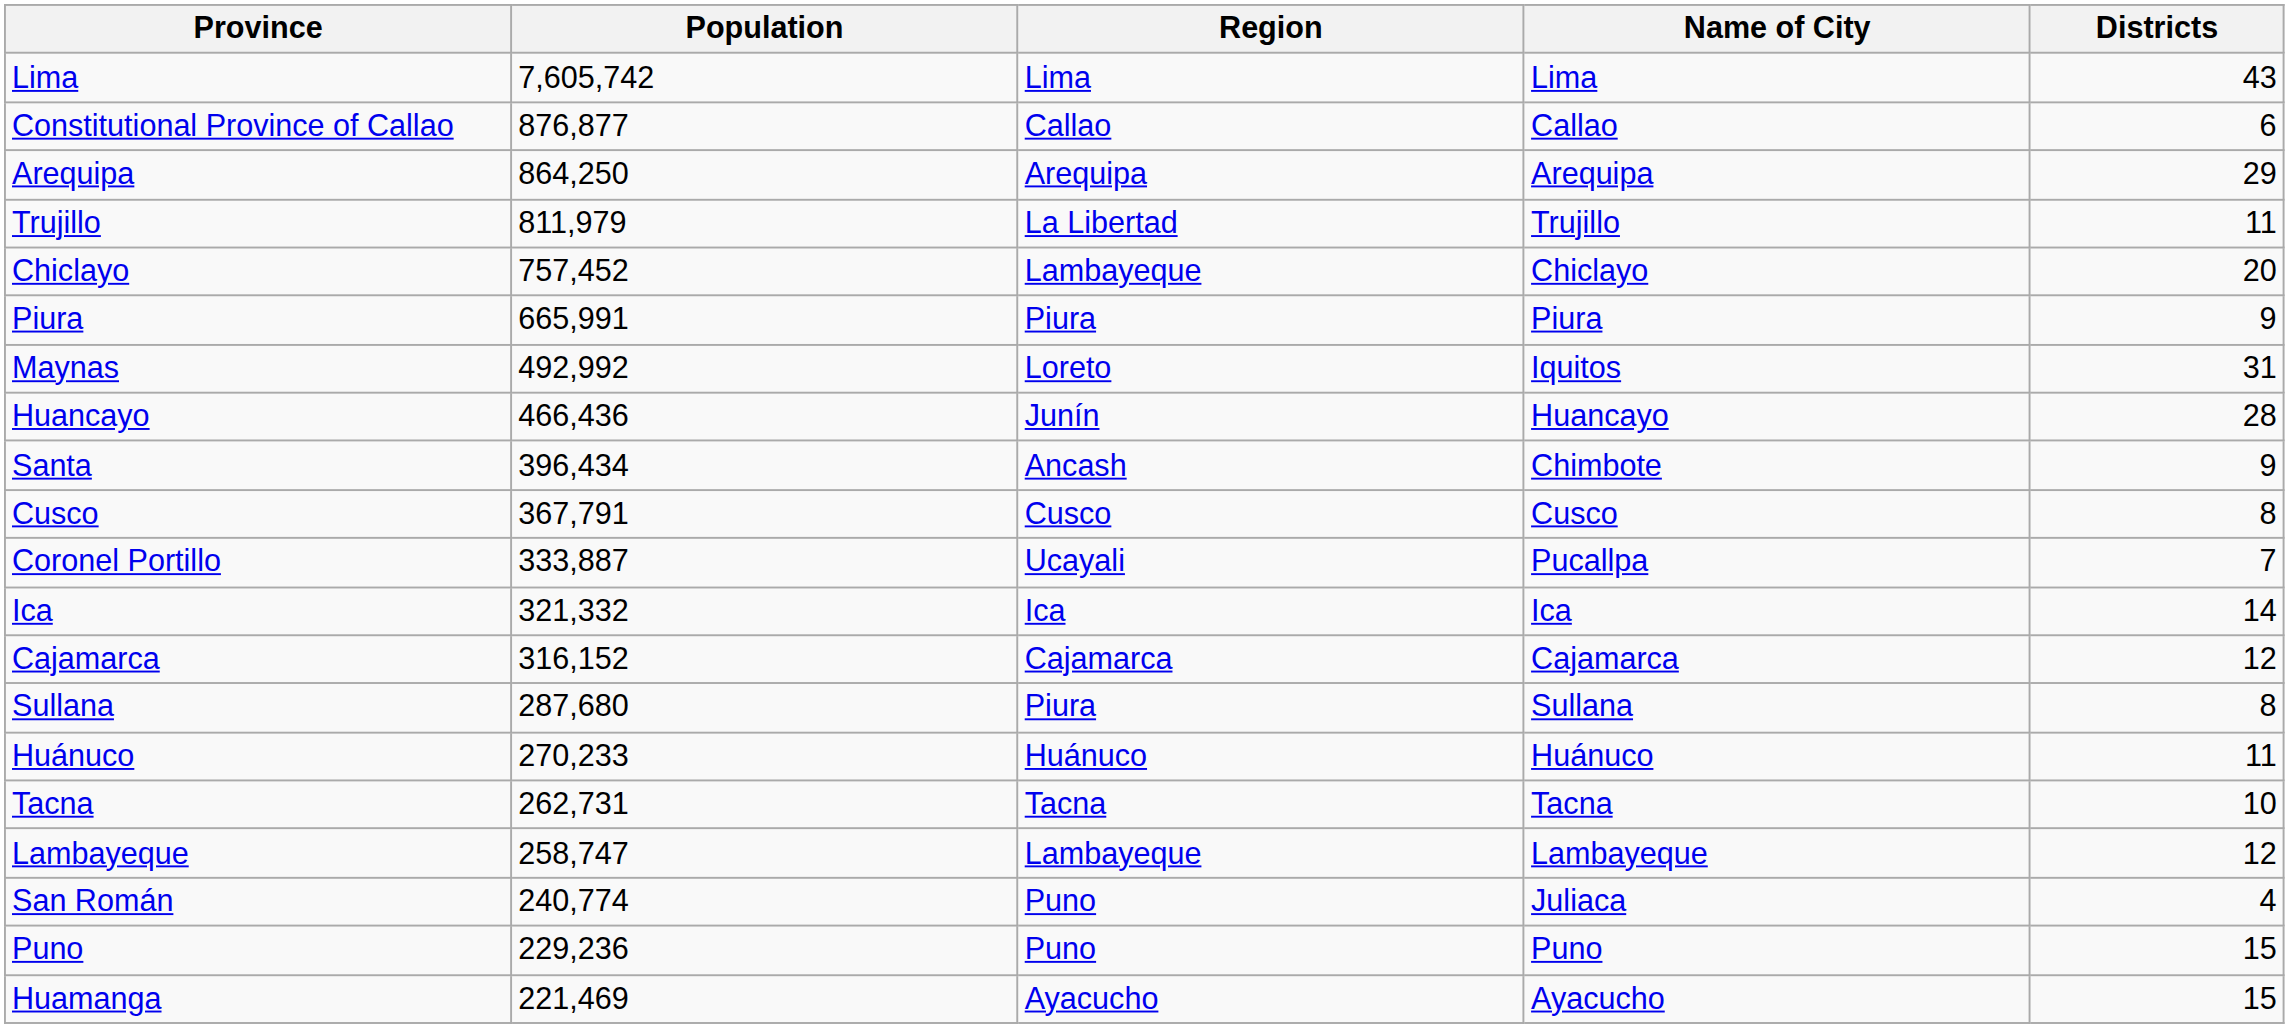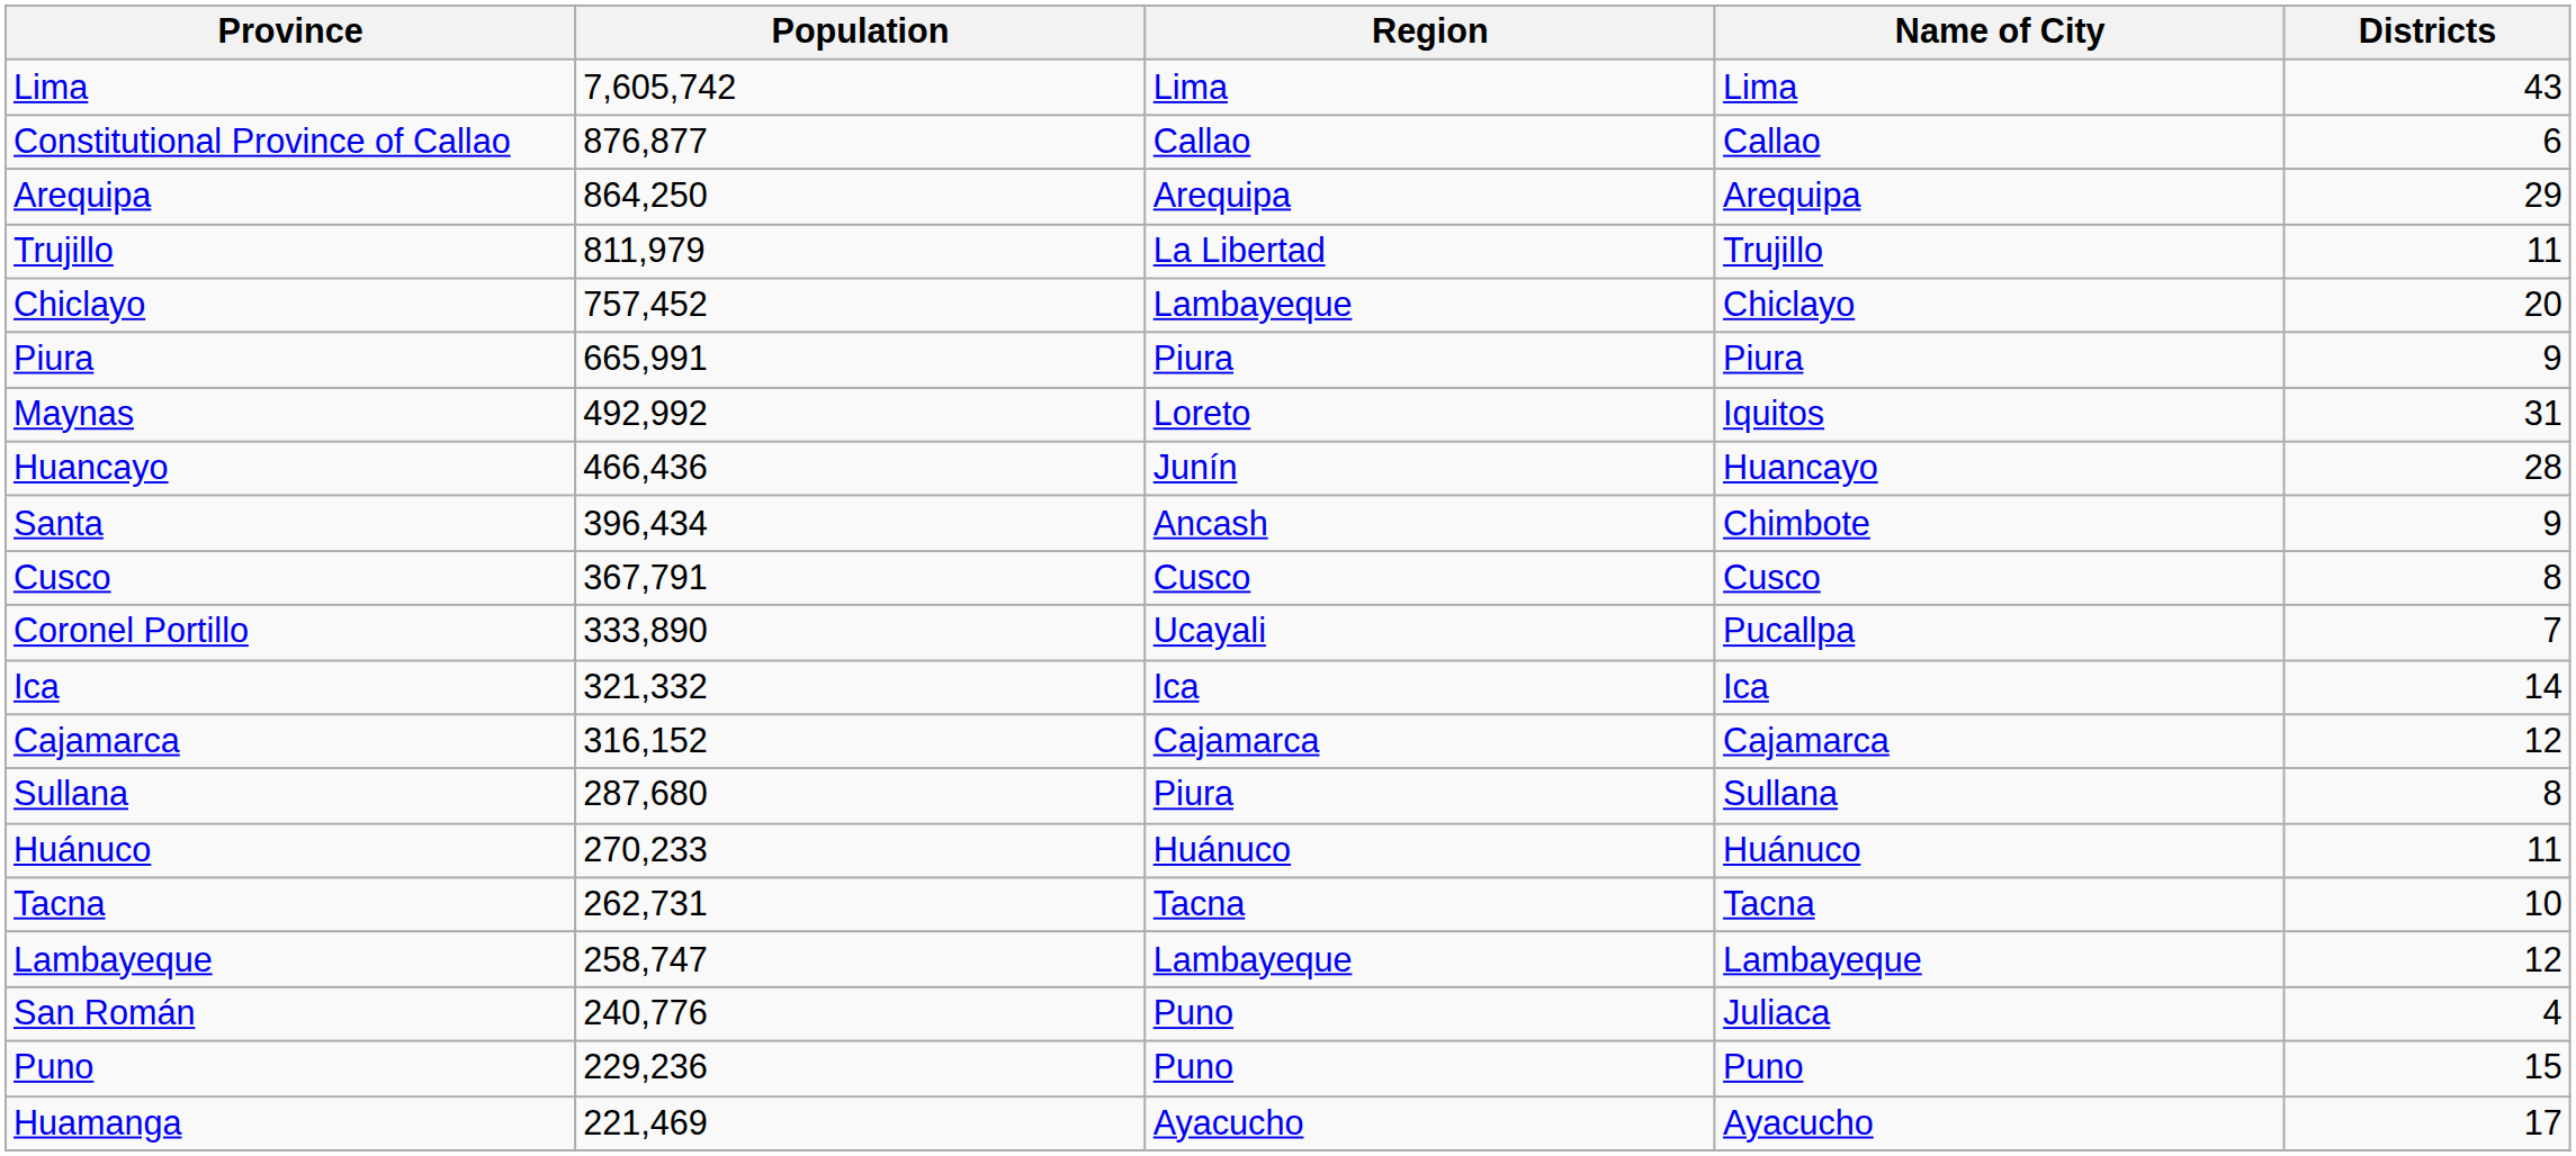 <table align=center class="wikitable sortable" Style="align:center;">
 <tr>
 <th width=20%>Province</th>
 <th width=20%>Population</th>
 <th width=20%>Region</th>
 <th width=20%>Name of City</th>
 <th width=10%>Districts</th>
 </tr>
 <tr>
 <td><a href='#'>Lima</a></td>
 <td>7,605,742</td>
 <td><a href='#'>Lima</a></td>
 <td><a href='#'>Lima</a></td>
 <td align=right>43</td>
 </tr>
 <tr>
 <td><a href='#'>Constitutional Province of Callao</a></td>
 <td>876,877</td>
 <td><a href='#'>Callao</a></td>
 <td><a href='#'>Callao</a></td>
 <td align=right>6</td>
 </tr>
 <tr>
 <td><a href='#'>Arequipa</a></td>
 <td>864,250</td>
 <td><a href='#'>Arequipa</a></td>
 <td><a href='#'>Arequipa</a></td>
 <td align=right>29</td>
 </tr>
 <tr>
 <td><a href='#'>Trujillo</a></td>
 <td>811,979</td>
 <td><a href='#'>La Libertad</a></td>
 <td><a href='#'>Trujillo</a></td>
 <td align=right>11</td>
 </tr>
 <tr>
 <td><a href='#'>Chiclayo</a></td>
 <td>757,452</td>
 <td><a href='#'>Lambayeque</a></td>
 <td><a href='#'>Chiclayo</a></td>
 <td align=right>20</td>
 </tr>
 <tr>
 <td><a href='#'>Piura</a></td>
 <td>665,991</td>
 <td><a href='#'>Piura</a></td>
 <td><a href='#'>Piura</a></td>
 <td align=right>9</td>
 </tr>
 <tr>
 <td><a href='#'>Maynas</a></td>
 <td>492,992</td>
 <td><a href='#'>Loreto</a></td>
 <td><a href='#'>Iquitos</a></td>
 <td align=right>31</td>
 </tr>
 <tr>
 <td><a href='#'>Huancayo</a></td>
 <td>466,436</td>
 <td><a href='#'>Junín</a></td>
 <td><a href='#'>Huancayo</a></td>
 <td align=right>28</td>
 </tr>
 <tr>
 <td><a href='#'>Santa</a></td>
 <td>396,434</td>
 <td><a href='#'>Ancash</a></td>
 <td><a href='#'>Chimbote</a></td>
 <td align=right>9</td>
 </tr>
 <tr>
 <td><a href='#'>Cusco</a></td>
 <td>367,791</td>
 <td><a href='#'>Cusco</a></td>
 <td><a href='#'>Cusco</a></td>
 <td align=right>8</td>
 </tr>
 <tr>
 <td><a href='#'>Coronel Portillo</a></td>
-<td>333,887</td>
+<td>333,890</td>
 <td><a href='#'>Ucayali</a></td>
 <td><a href='#'>Pucallpa</a></td>
 <td align=right>7</td>
 </tr>
 <tr>
 <td><a href='#'>Ica</a></td>
 <td>321,332</td>
 <td><a href='#'>Ica</a></td>
 <td><a href='#'>Ica</a></td>
 <td align=right>14</td>
 </tr>
 <tr>
 <td><a href='#'>Cajamarca</a></td>
 <td>316,152</td>
 <td><a href='#'>Cajamarca</a></td>
 <td><a href='#'>Cajamarca</a></td>
 <td align=right>12</td>
 </tr>
 <tr>
 <td><a href='#'>Sullana</a></td>
 <td>287,680</td>
 <td><a href='#'>Piura</a></td>
 <td><a href='#'>Sullana</a></td>
 <td align=right>8</td>
 </tr>
 <tr>
 <td><a href='#'>Huánuco</a></td>
 <td>270,233</td>
 <td><a href='#'>Huánuco</a></td>
 <td><a href='#'>Huánuco</a></td>
 <td align=right>11</td>
 </tr>
 <tr>
 <td><a href='#'>Tacna</a></td>
 <td>262,731</td>
 <td><a href='#'>Tacna</a></td>
 <td><a href='#'>Tacna</a></td>
 <td align=right>10</td>
 </tr>
 <tr>
 <td><a href='#'>Lambayeque</a></td>
 <td>258,747</td>
 <td><a href='#'>Lambayeque</a></td>
 <td><a href='#'>Lambayeque</a></td>
 <td align=right>12</td>
 </tr>
 <tr>
 <td><a href='#'>San Román</a></td>
-<td>240,774</td>
+<td>240,776</td>
 <td><a href='#'>Puno</a></td>
 <td><a href='#'>Juliaca</a></td>
 <td align=right>4</td>
 </tr>
 <tr>
 <td><a href='#'>Puno</a></td>
 <td>229,236</td>
 <td><a href='#'>Puno</a></td>
 <td><a href='#'>Puno</a></td>
 <td align=right>15</td>
 </tr>
 <tr>
 <td><a href='#'>Huamanga</a></td>
 <td>221,469</td>
 <td><a href='#'>Ayacucho</a></td>
 <td><a href='#'>Ayacucho</a></td>
-<td align=right>15</td>
+<td align=right>17</td>
 </tr>
 </table>
